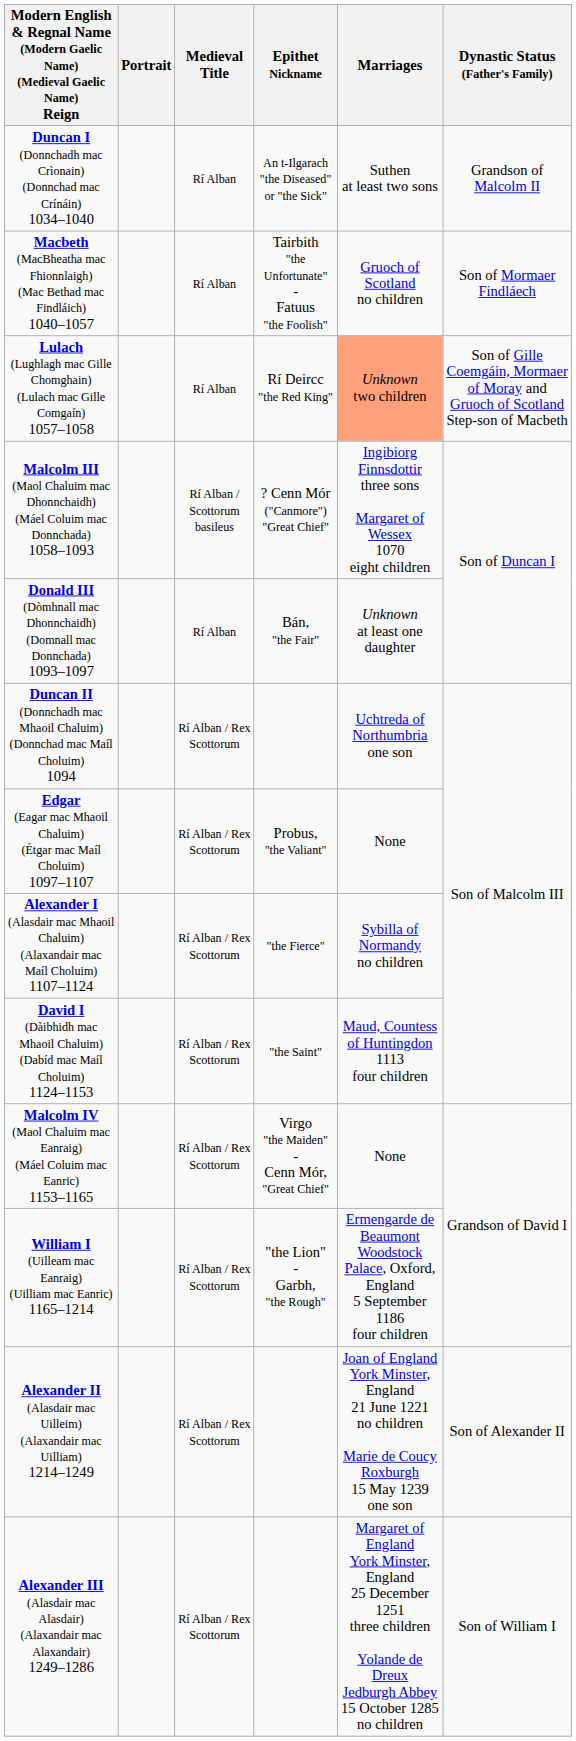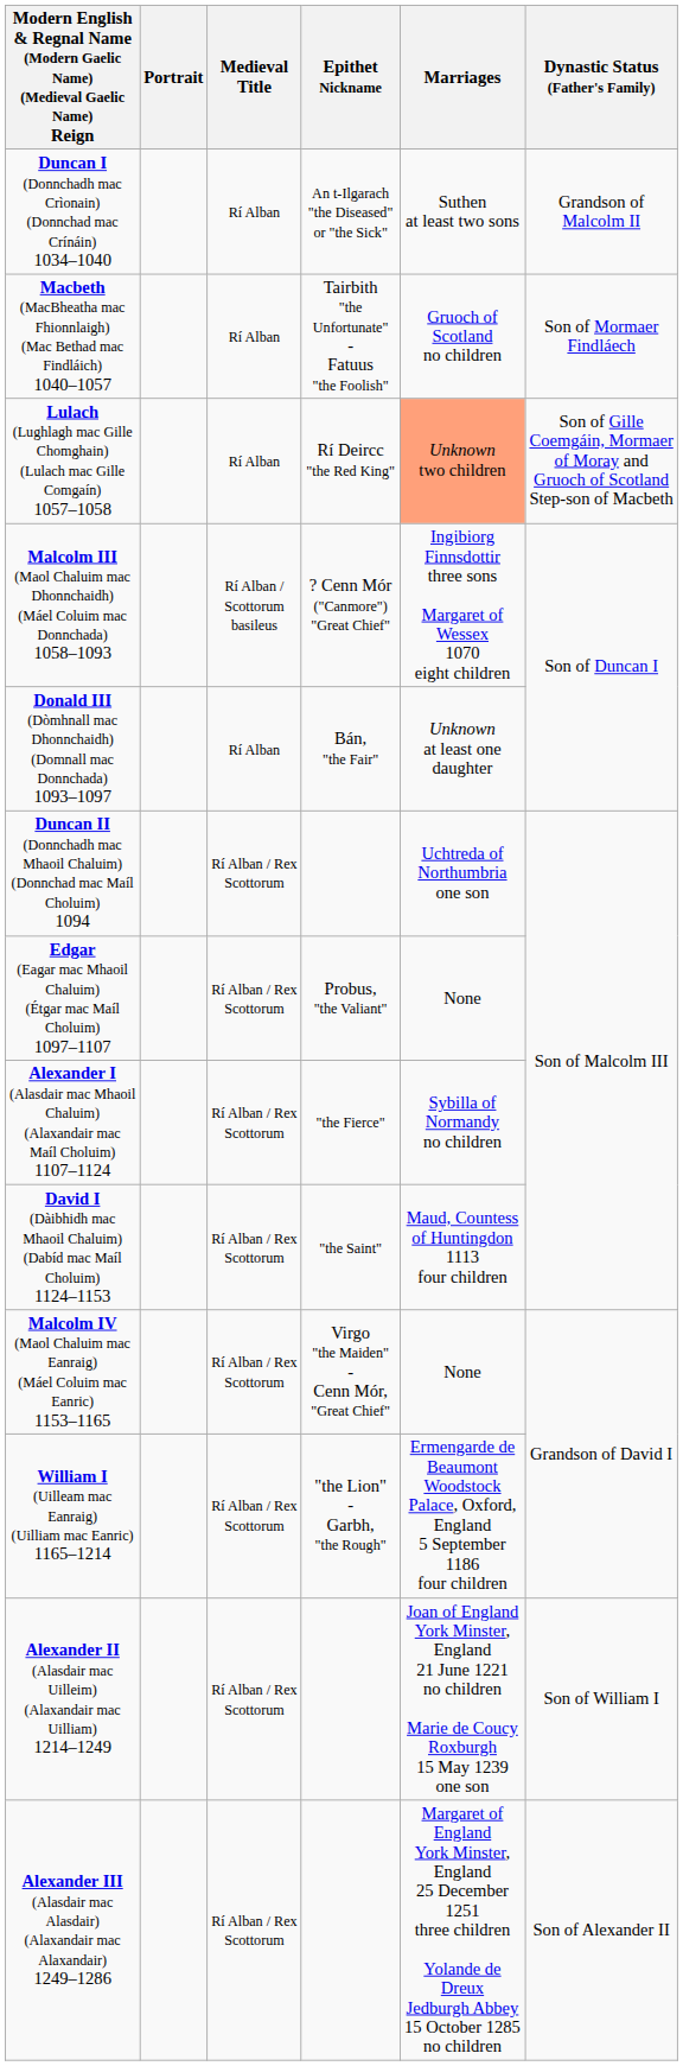 <table width=100% class="wikitable sticky-header">
 <tr>
 <th width=20%>Modern English & Regnal Name<br><small>(Modern Gaelic Name)<br>(Medieval Gaelic Name)</small><br>Reign</th>
 <th>Portrait</th>
 <th>Medieval Title</th>
 <th>Epithet<br><small>Nickname</small></th>
 <th>Marriages</th>
 <th>Dynastic Status<br><small>(Father's Family)</small></th>
 </tr>
 <tr>
 <td align="center"><strong><a href='#'>Duncan I</a></strong><br><small>(Donnchadh mac Crìonain)<br>(Donnchad mac Crínáin)</small><br>1034–1040</td>
 <td align="center"></td>
 <td align="center"><small>Rí Alban</small></td>
 <td align="center"><small>An t-Ilgarach<br>"the Diseased"<br>or "the Sick"</small></td>
 <td align="center">Suthen<br>at least two sons</td>
 <td align="center">Grandson of <a href='#'>Malcolm II</a></td>
 </tr>
 <tr>
 <td align="center"><strong><a href='#'>Macbeth</a></strong><br><small>(MacBheatha mac Fhionnlaigh)<br>(Mac Bethad mac Findláich)</small><br>1040–1057</td>
 <td align="center"></td>
 <td align="center"><small>Rí Alban</small></td>
 <td align="center">Tairbith<br><small>"the Unfortunate"</small><br>-<br>Fatuus<br><small>"the Foolish"</small></td>
 <td align="center"><a href='#'>Gruoch of Scotland</a><br>no children</td>
 <td align="center">Son of <a href='#'>Mormaer Findláech</a></td>
 </tr>
 <tr>
 <td align="center"><strong><a href='#'>Lulach</a></strong><br><small>(Lughlagh mac Gille Chomghain)<br>(Lulach mac Gille Comgaín)</small><br>1057–1058</td>
 <td align="center"></td>
 <td align="center"><small>Rí Alban</small></td>
 <td align="center">Rí Deircc<br><small>"the Red King"</small></td>
 <td align="center" style="background: lightsalmon;"><em>Unknown</em><br>two children</td>
 <td align="center">Son of <a href='#'>Gille Coemgáin, Mormaer of Moray</a> and <a href='#'>Gruoch of Scotland</a><br> Step-son of Macbeth</td>
 </tr>
 <tr>
 <td align="center"><strong><a href='#'>Malcolm III</a></strong><br><small>(Maol Chaluim mac Dhonnchaidh)<br>(Máel Coluim mac Donnchada)</small><br>1058–1093</td>
 <td align="center"></td>
 <td align="center"><small>Rí Alban / Scottorum basileus</small></td>
 <td align="center">? Cenn Mór <small>("Canmore")<br>"Great Chief"</small></td>
 <td align="center"><a href='#'>Ingibiorg Finnsdottir</a><br>three sons<br><br><a href='#'>Margaret of Wessex</a><br>1070<br>eight children</td>
 <td rowspan="2" align="center">Son of <a href='#'>Duncan I</a></td>
 </tr>
 <tr>
 <td align="center"><strong><a href='#'>Donald III</a></strong><br><small>(Dòmhnall mac Dhonnchaidh)<br>(Domnall mac Donnchada)</small><br>1093–1097</td>
 <td align="center"></td>
 <td align="center"><small>Rí Alban</small></td>
 <td align="center">Bán, <br><small>"the Fair"</small></td>
 <td align="center"><em>Unknown</em><br>at least one daughter</td>
 </tr>
 <tr>
 <td align="center"><strong><a href='#'>Duncan II</a></strong><br><small>(Donnchadh mac Mhaoil Chaluim)<br>(Donnchad mac Maíl Choluim)</small><br>1094</td>
 <td align="center"></td>
 <td align="center"><small>Rí Alban / Rex Scottorum</small></td>
 <td align="center"></td>
 <td align="center"><a href='#'>Uchtreda of Northumbria</a><br>one son</td>
 <td rowspan="4" align="center">Son of Malcolm III</td>
 </tr>
 <tr>
 <td align="center"><strong><a href='#'>Edgar</a></strong><br><small>(Eagar mac Mhaoil Chaluim)<br>(Étgar mac Maíl Choluim)</small><br>1097–1107</td>
 <td align="center"></td>
 <td align="center"><small>Rí Alban / Rex Scottorum</small></td>
 <td align="center">Probus, <br><small>"the Valiant"</small></td>
 <td align="center">None</td>
 </tr>
 <tr>
 <td align="center"><strong><a href='#'>Alexander I</a></strong><br><small>(Alasdair  mac Mhaoil Chaluim)<br>(Alaxandair mac Maíl Choluim)</small><br>1107–1124</td>
 <td align="center"></td>
 <td align="center"><small>Rí Alban / Rex Scottorum</small></td>
 <td align="center"><small>"the Fierce"</small></td>
 <td align="center"><a href='#'>Sybilla of Normandy</a><br>no children</td>
 </tr>
 <tr>
 <td align="center"><strong><a href='#'>David I</a></strong><br><small>(Dàibhidh mac Mhaoil Chaluim)<br>(Dabíd mac Maíl Choluim)</small><br>1124–1153</td>
 <td align="center"></td>
 <td align="center"><small>Rí Alban / Rex Scottorum</small></td>
 <td align="center"><small>"the Saint"</small></td>
 <td align="center"><a href='#'>Maud, Countess of Huntingdon</a><br>1113<br>four children</td>
 </tr>
 <tr>
 <td align="center"><strong><a href='#'>Malcolm IV</a></strong><br><small>(Maol Chaluim mac Eanraig)<br>(Máel Coluim mac Eanric)</small><br>1153–1165</td>
 <td align="center"></td>
 <td align="center"><small>Rí Alban / Rex Scottorum</small></td>
 <td align="center">Virgo<br><small>"the Maiden"</small><br>-<br>Cenn Mór, <br><small>"Great Chief"</small></td>
 <td align="center">None</td>
 <td rowspan="2" align="center">Grandson of David I</td>
 </tr>
 <tr>
 <td align="center"><strong><a href='#'>William I</a></strong><br><small>(Uilleam mac Eanraig)<br>(Uilliam mac Eanric)</small><br>1165–1214</td>
 <td align="center"></td>
 <td align="center"><small>Rí Alban / Rex Scottorum</small></td>
 <td align="center">"the Lion"<br>-<br>Garbh, <br><small>"the Rough"</small></td>
 <td align="center"><a href='#'>Ermengarde de Beaumont</a><br><a href='#'>Woodstock Palace</a>, Oxford, England<br>5 September 1186<br>four children</td>
 </tr>
 <tr>
 <td align="center"><strong><a href='#'>Alexander II</a></strong><br><small>(Alasdair mac Uilleim)<br>(Alaxandair mac Uilliam)</small><br>1214–1249</td>
 <td align="center"></td>
 <td align="center"><small>Rí Alban / Rex Scottorum</small></td>
 <td align="center"></td>
 <td align="center"><a href='#'>Joan of England</a><br><a href='#'>York Minster</a>, England<br>21 June 1221<br>no children<br><br><a href='#'>Marie de Coucy</a><br><a href='#'>Roxburgh</a><br>15 May 1239<br>one son</td>
-<td align="center">Son of Alexander II</td>
+<td align="center">Son of William I</td>
 </tr>
 <tr>
 <td align="center"><strong><a href='#'>Alexander III</a></strong><br><small>(Alasdair mac Alasdair)<br>(Alaxandair mac Alaxandair)</small><br>1249–1286</td>
 <td align="center"></td>
 <td align="center"><small>Rí Alban / Rex Scottorum</small></td>
 <td align="center"></td>
 <td align="center"><a href='#'>Margaret of England</a><br><a href='#'>York Minster</a>, England<br>25 December 1251<br>three children<br><br><a href='#'>Yolande de Dreux</a><br><a href='#'>Jedburgh Abbey</a><br>15 October 1285<br>no children</td>
-<td align="center">Son of William I</td>
+<td align="center">Son of Alexander II</td>
 </tr>
 </table>
